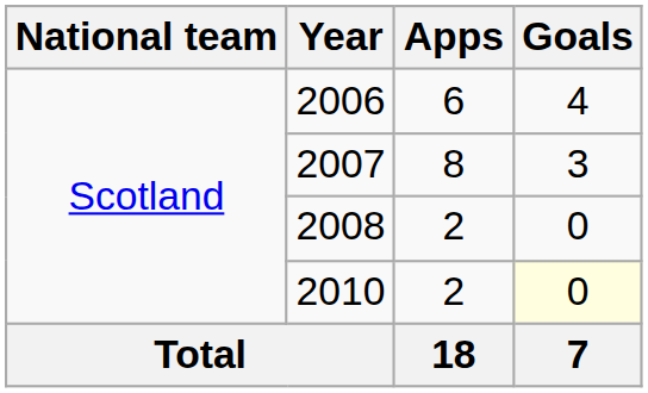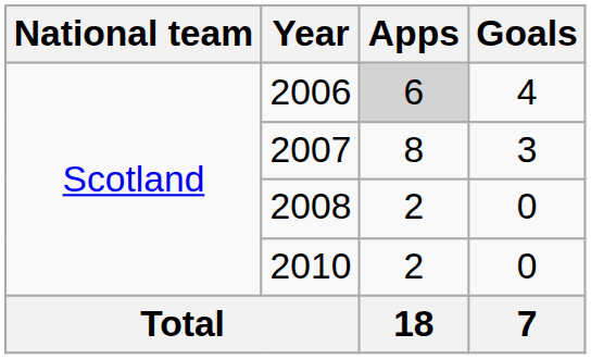 <table class="wikitable" style="text-align:center">
 <tr>
 <th>National team</th>
 <th>Year</th>
 <th>Apps</th>
 <th>Goals</th>
 </tr>
 <tr>
 <td rowspan=4><a href='#'>Scotland</a></td>
 <td>2006</td>
-<td>6</td>
+<td style="background: lightgrey;">6</td>
 <td>4</td>
 </tr>
 <tr>
 <td>2007</td>
 <td>8</td>
 <td>3</td>
 </tr>
 <tr>
 <td>2008</td>
 <td>2</td>
 <td>0</td>
 </tr>
 <tr>
 <td>2010</td>
 <td>2</td>
-<td style="background: lightyellow;">0</td>
+<td>0</td>
 </tr>
 <tr>
 <th colspan="2">Total</th>
 <th>18</th>
 <th>7</th>
 </tr>
 </table>
